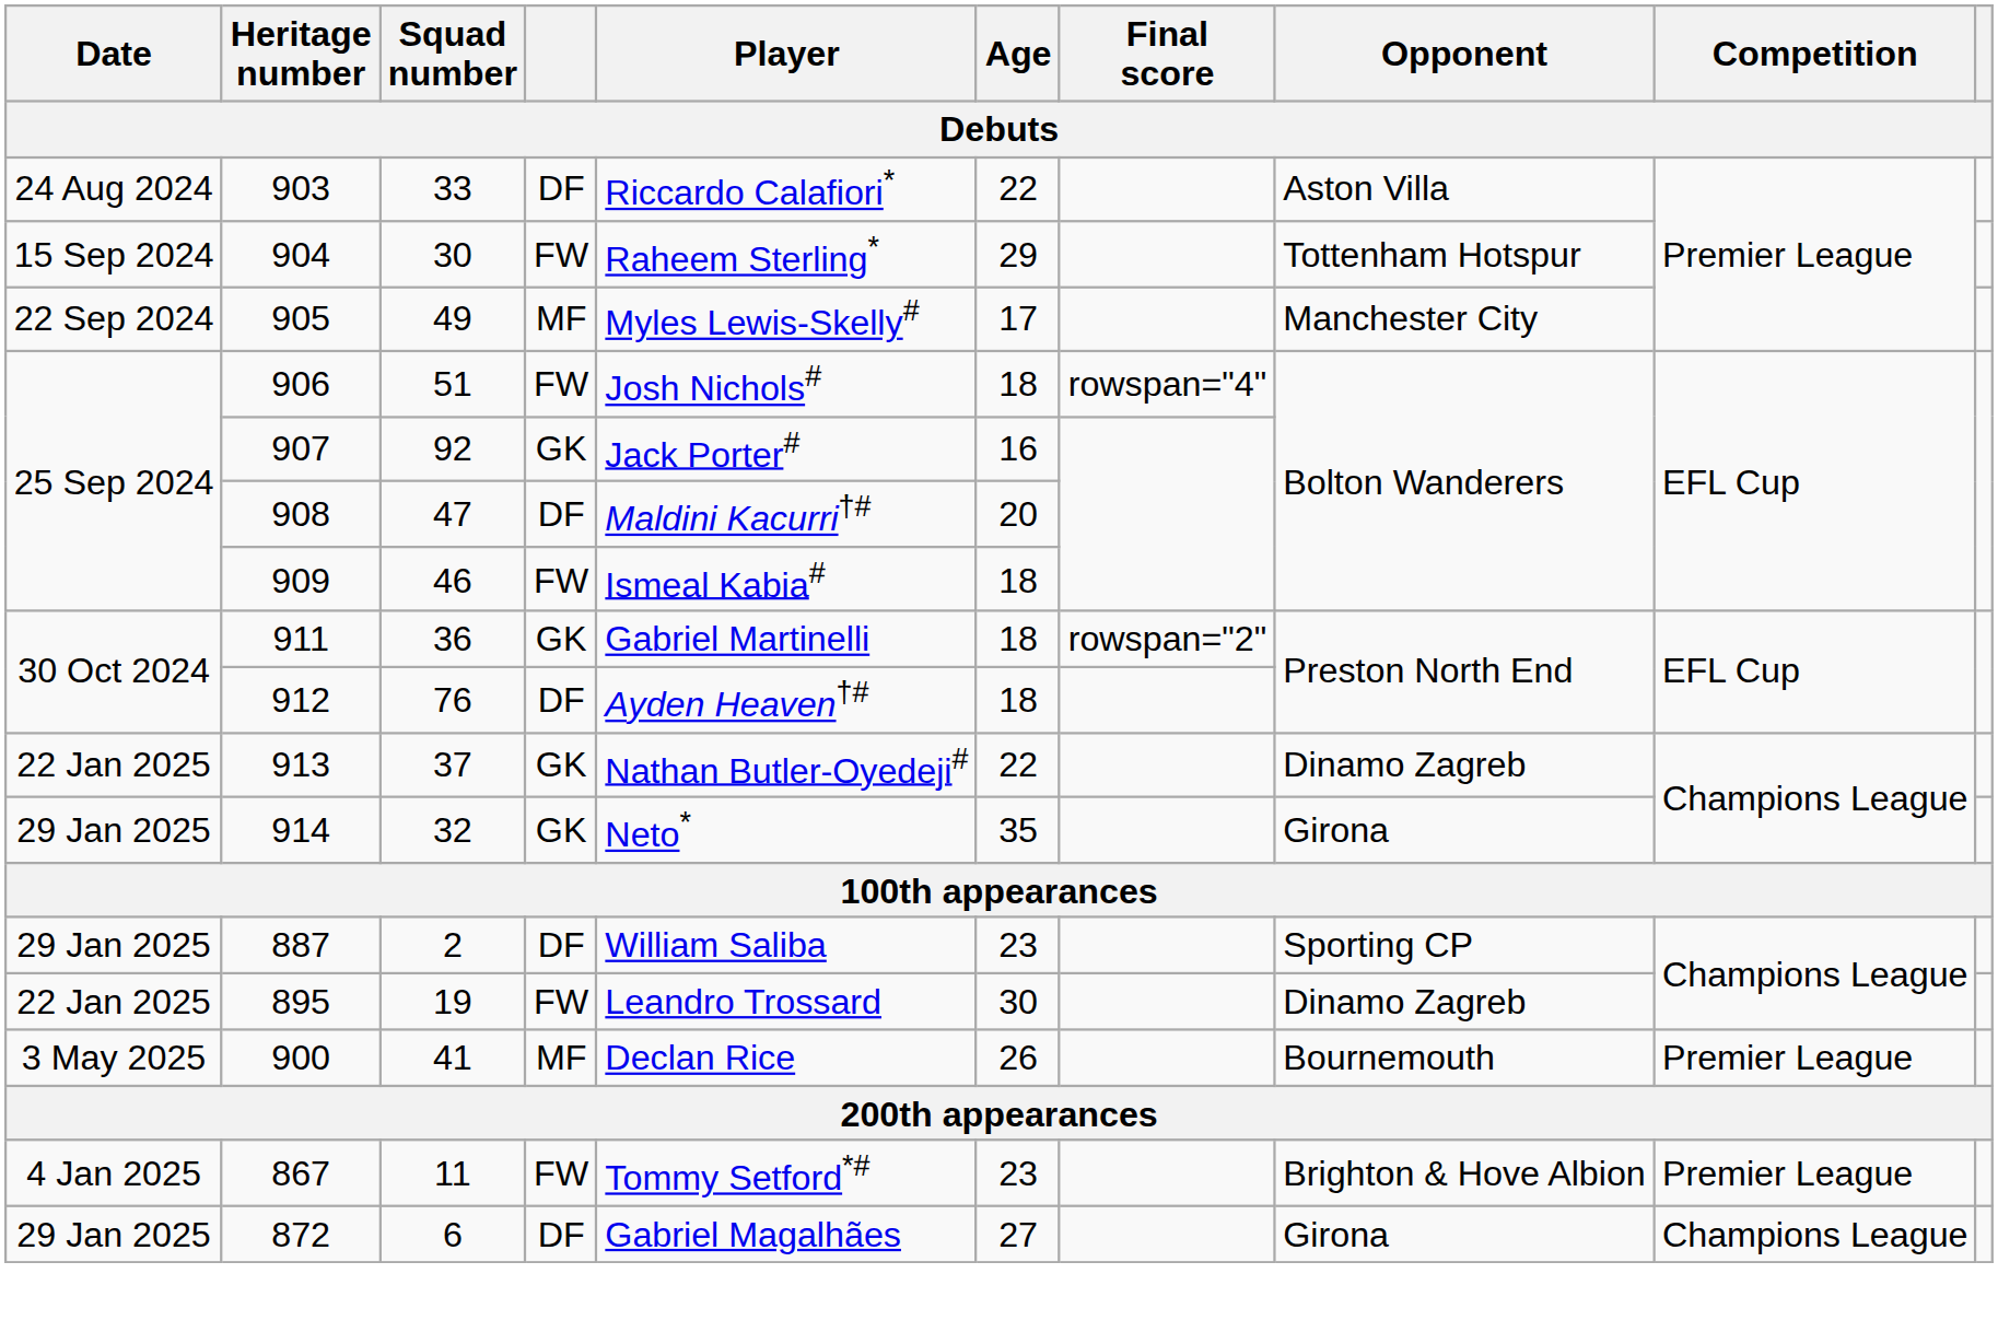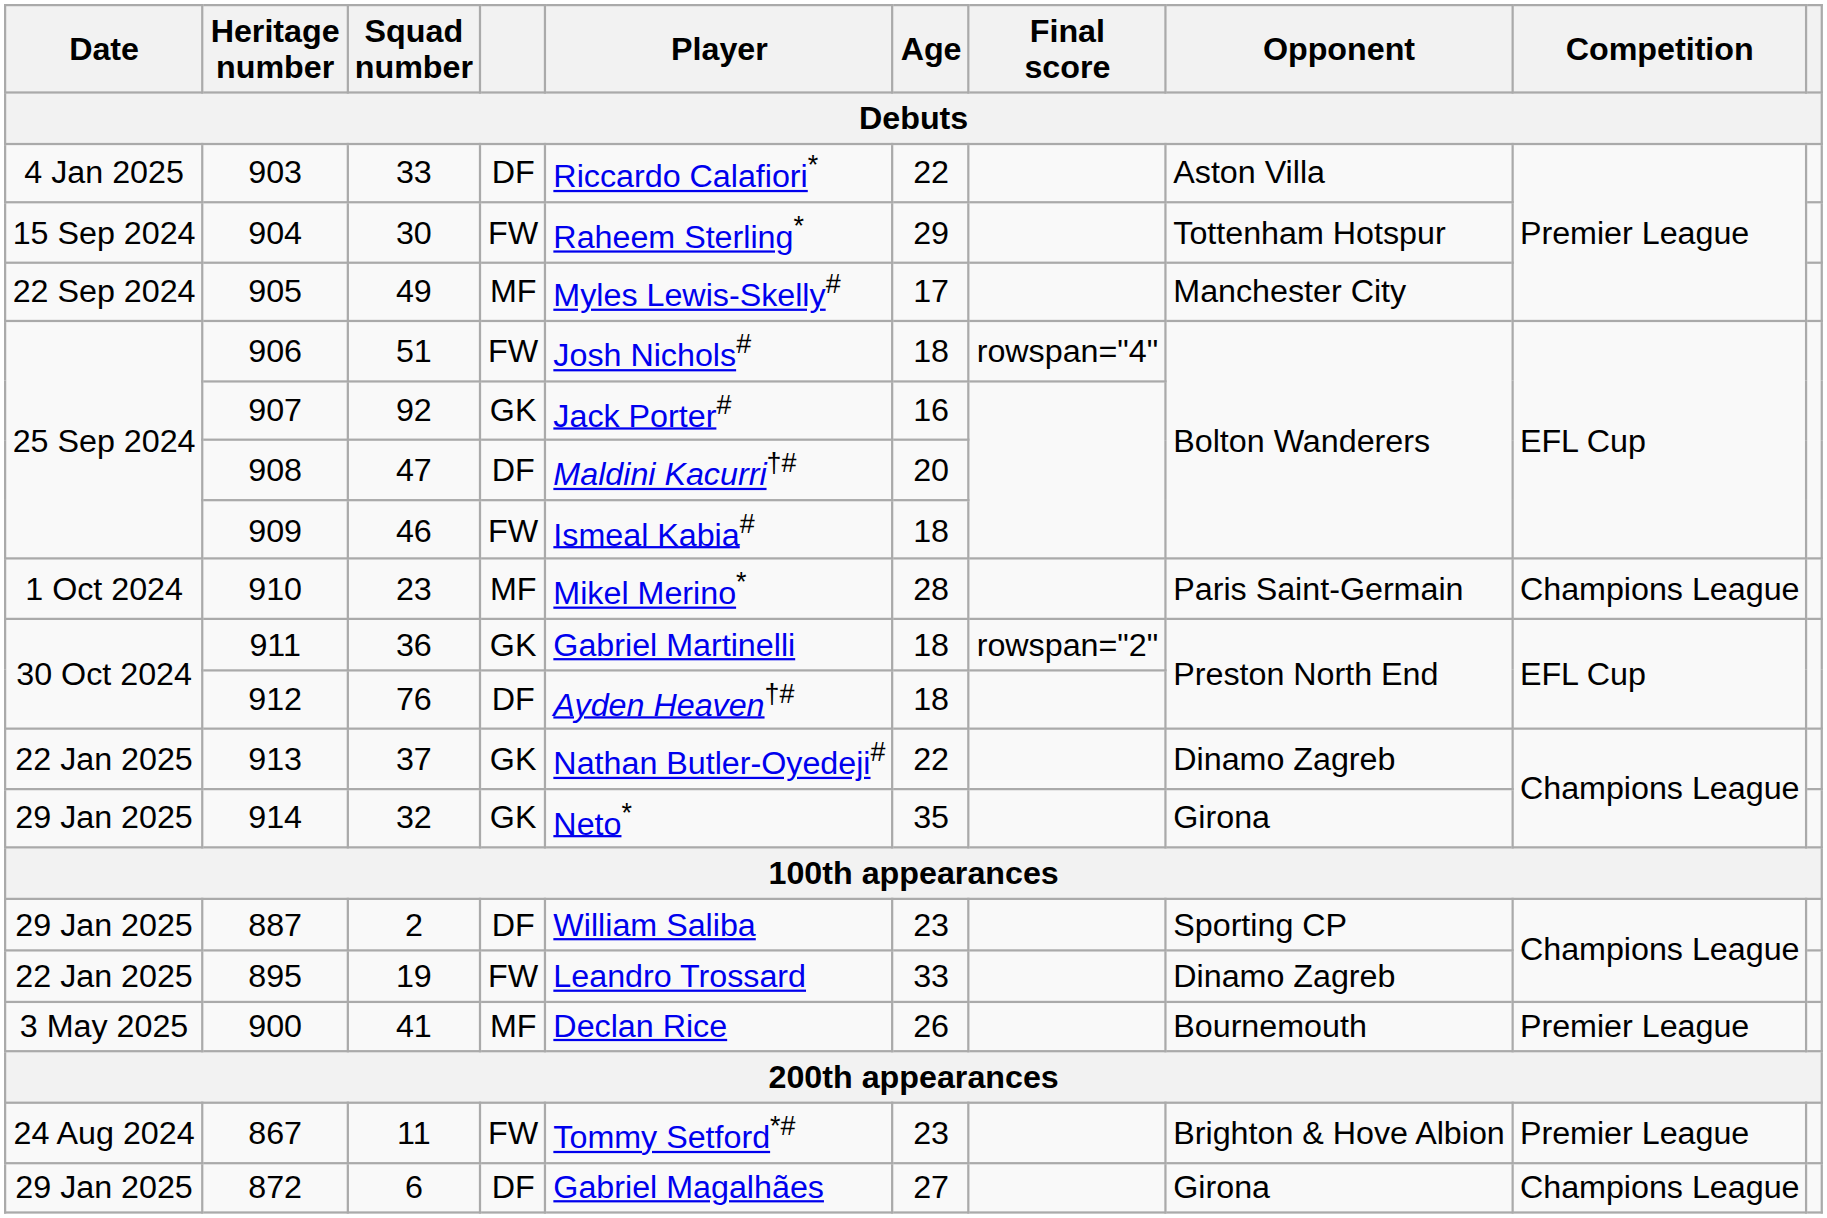 <table class="wikitable" style="text-align:center; font-size:90%;">
 <tr>
 <th>Date</th>
 <th>Heritage<br>number</th>
 <th>Squad<br>number</th>
 <th></th>
 <th>Player</th>
 <th>Age</th>
 <th>Final<br>score</th>
 <th>Opponent</th>
 <th>Competition</th>
 <th></th>
 </tr>
 <tr>
 <th colspan="10">Debuts</th>
 </tr>
 <tr>
-<td>24 Aug 2024</td>
+<td>4 Jan 2025</td>
 <td>903</td>
 <td>33</td>
 <td>DF</td>
 <td style="text-align:left;"> <a href='#'>Riccardo Calafiori</a><sup>*</sup></td>
 <td>22</td>
 <td></td>
 <td style="text-align:left;">Aston Villa</td>
 <td rowspan="3" style="text-align:left;">Premier League</td>
 <td></td>
 </tr>
 <tr>
 <td>15 Sep 2024</td>
 <td>904</td>
 <td>30</td>
 <td>FW</td>
 <td style="text-align:left;"> <a href='#'>Raheem Sterling</a><sup>*</sup></td>
 <td>29</td>
 <td></td>
 <td style="text-align:left;">Tottenham Hotspur</td>
 <td></td>
 </tr>
 <tr>
 <td>22 Sep 2024</td>
 <td>905</td>
 <td>49</td>
 <td>MF</td>
 <td style="text-align:left;"> <a href='#'>Myles Lewis-Skelly</a><sup>#</sup></td>
 <td>17</td>
 <td></td>
 <td style="text-align:left;">Manchester City</td>
 <td></td>
 </tr>
 <tr>
 <td rowspan="4">25 Sep 2024</td>
 <td>906</td>
 <td>51</td>
 <td>FW</td>
 <td style="text-align:left;"> <a href='#'>Josh Nichols</a><sup>#</sup></td>
 <td>18</td>
 <td>rowspan="4" </td>
 <td rowspan="4" style="text-align:left;">Bolton Wanderers</td>
 <td rowspan="4" style="text-align:left;">EFL Cup</td>
 <td rowspan="4"></td>
 </tr>
 <tr>
 <td>907</td>
 <td>92</td>
 <td>GK</td>
 <td style="text-align:left;"> <a href='#'>Jack Porter</a><sup>#</sup></td>
 <td>16</td>
 </tr>
 <tr>
 <td>908</td>
 <td>47</td>
 <td>DF</td>
 <td style="text-align:left;"> <em><a href='#'>Maldini Kacurri</a></em><sup>†#</sup></td>
 <td>20</td>
 </tr>
 <tr>
 <td>909</td>
 <td>46</td>
 <td>FW</td>
 <td style="text-align:left;"> <a href='#'>Ismeal Kabia</a><sup>#</sup></td>
 <td>18</td>
 </tr>
 <tr>
+<td>1 Oct 2024</td>
+<td>910</td>
+<td>23</td>
+<td>MF</td>
+<td style="text-align:left;"> <a href='#'>Mikel Merino</a><sup>*</sup></td>
+<td>28</td>
+<td></td>
+<td style="text-align:left;"> Paris Saint-Germain</td>
+<td style="text-align:left;">Champions League</td>
+<td></td>
+</tr>
+<tr>
 <td rowspan="2">30 Oct 2024</td>
 <td>911</td>
 <td>36</td>
 <td>GK</td>
 <td style="text-align:left;"> <a href='#'>Gabriel Martinelli</a></td>
 <td>18</td>
 <td>rowspan="2" </td>
 <td rowspan="2" style="text-align:left;">Preston North End</td>
 <td rowspan="2" style="text-align:left;">EFL Cup</td>
 <td rowspan="2"></td>
 </tr>
 <tr>
 <td>912</td>
 <td>76</td>
 <td>DF</td>
 <td style="text-align:left;"> <em><a href='#'>Ayden Heaven</a></em><sup>†#</sup></td>
 <td>18</td>
 </tr>
 <tr>
 <td>22 Jan 2025</td>
 <td>913</td>
 <td>37</td>
 <td>GK</td>
 <td style="text-align:left;"> <a href='#'>Nathan Butler-Oyedeji</a><sup>#</sup></td>
 <td>22</td>
 <td></td>
 <td style="text-align:left;"> Dinamo Zagreb</td>
 <td rowspan="2" style="text-align:left;">Champions League</td>
 <td></td>
 </tr>
 <tr>
 <td>29 Jan 2025</td>
 <td>914</td>
 <td>32</td>
 <td>GK</td>
 <td style="text-align:left;"> <a href='#'>Neto</a><sup>*</sup></td>
 <td>35</td>
 <td></td>
 <td style="text-align:left;"> Girona</td>
 <td></td>
 </tr>
 <tr>
 <th colspan="10">100th appearances</th>
 </tr>
 <tr>
 <td>29 Jan 2025</td>
 <td>887</td>
 <td>2</td>
 <td>DF</td>
 <td style="text-align:left;"> <a href='#'>William Saliba</a></td>
 <td>23</td>
 <td></td>
 <td style="text-align:left;"> Sporting CP</td>
 <td rowspan="2" style="text-align:left;">Champions League</td>
 <td></td>
 </tr>
 <tr>
 <td>22 Jan 2025</td>
 <td>895</td>
 <td>19</td>
 <td>FW</td>
 <td style="text-align:left;"> <a href='#'>Leandro Trossard</a></td>
-<td>30</td>
+<td>33</td>
 <td></td>
 <td style="text-align:left;"> Dinamo Zagreb</td>
 <td></td>
 </tr>
 <tr>
 <td>3 May 2025</td>
 <td>900</td>
 <td>41</td>
 <td>MF</td>
 <td style="text-align:left;"> <a href='#'>Declan Rice</a></td>
 <td>26</td>
 <td></td>
 <td style="text-align:left;">Bournemouth</td>
 <td style="text-align:left;">Premier League</td>
 <td></td>
 </tr>
 <tr>
 <th colspan="10">200th appearances</th>
 </tr>
 <tr>
-<td>4 Jan 2025</td>
+<td>24 Aug 2024</td>
 <td>867</td>
 <td>11</td>
 <td>FW</td>
 <td style="text-align:left;"> <a href='#'>Tommy Setford</a><sup>*#</sup></td>
 <td>23</td>
 <td></td>
 <td style="text-align:left;">Brighton & Hove Albion</td>
 <td style="text-align:left;">Premier League</td>
 <td></td>
 </tr>
 <tr>
 <td>29 Jan 2025</td>
 <td>872</td>
 <td>6</td>
 <td>DF</td>
 <td style="text-align:left;"> <a href='#'>Gabriel Magalhães</a></td>
 <td>27</td>
 <td></td>
 <td style="text-align:left;"> Girona</td>
 <td style="text-align:left;">Champions League</td>
 <td></td>
 </tr>
 </table>
